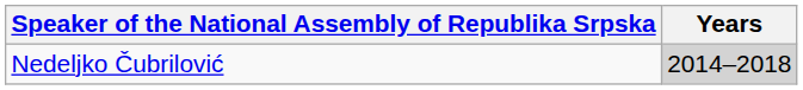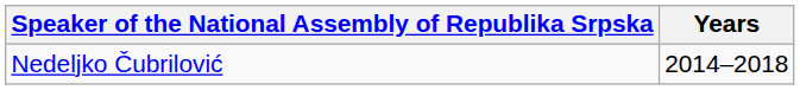 <table class=wikitable>
 <tr>
 <th><a href='#'>Speaker of the National Assembly of Republika Srpska</a></th>
 <th>Years</th>
 </tr>
 <tr>
 <td><a href='#'>Nedeljko Čubrilović</a></td>
-<td style="background: lightgrey;">2014–2018</td>
+<td>2014–2018</td>
 </tr>
 </table>
